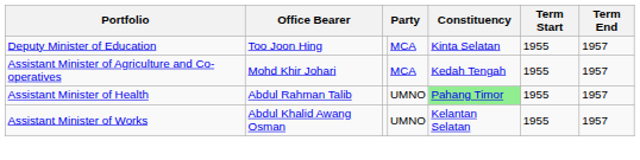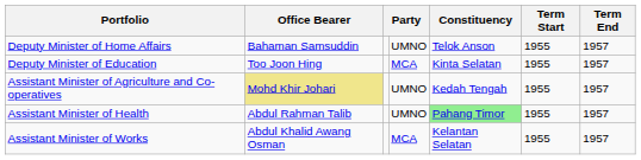 <table class="sortable wikitable">
 <tr>
 <th>Portfolio</th>
 <th>Office Bearer</th>
 <th colspan=2>Party</th>
 <th>Constituency</th>
 <th>Term Start</th>
 <th>Term End</th>
+</tr>
+<tr>
+<td><a href='#'>Deputy Minister of Home Affairs</a></td>
+<td><a href='#'>Bahaman Samsuddin</a></td>
+<td></td>
+<td>UMNO</td>
+<td><a href='#'>Telok Anson</a></td>
+<td>1955</td>
+<td>1957</td>
 </tr>
 <tr>
 <td><a href='#'>Deputy Minister of Education</a></td>
 <td><a href='#'>Too Joon Hing</a></td>
 <td></td>
 <td><a href='#'>MCA</a></td>
 <td><a href='#'>Kinta Selatan</a></td>
 <td>1955</td>
 <td>1957</td>
 </tr>
 <tr>
 <td><a href='#'>Assistant Minister of Agriculture and Co-operatives</a></td>
-<td><a href='#'>Mohd Khir Johari</a></td>
+<td style="background: khaki;"><a href='#'>Mohd Khir Johari</a></td>
 <td></td>
-<td><a href='#'>MCA</a></td>
+<td>UMNO</td>
 <td><a href='#'>Kedah Tengah</a></td>
 <td>1955</td>
 <td>1957</td>
 </tr>
 <tr>
 <td><a href='#'>Assistant Minister of Health</a></td>
 <td><a href='#'>Abdul Rahman Talib</a></td>
 <td></td>
 <td>UMNO</td>
 <td style="background: lightgreen;"><a href='#'>Pahang Timor</a></td>
 <td>1955</td>
 <td>1957</td>
 </tr>
 <tr>
 <td><a href='#'>Assistant Minister of Works</a></td>
 <td><a href='#'>Abdul Khalid Awang Osman</a></td>
 <td></td>
-<td>UMNO</td>
+<td><a href='#'>MCA</a></td>
 <td><a href='#'>Kelantan Selatan</a></td>
 <td>1955</td>
 <td>1957</td>
 </tr>
 </table>
